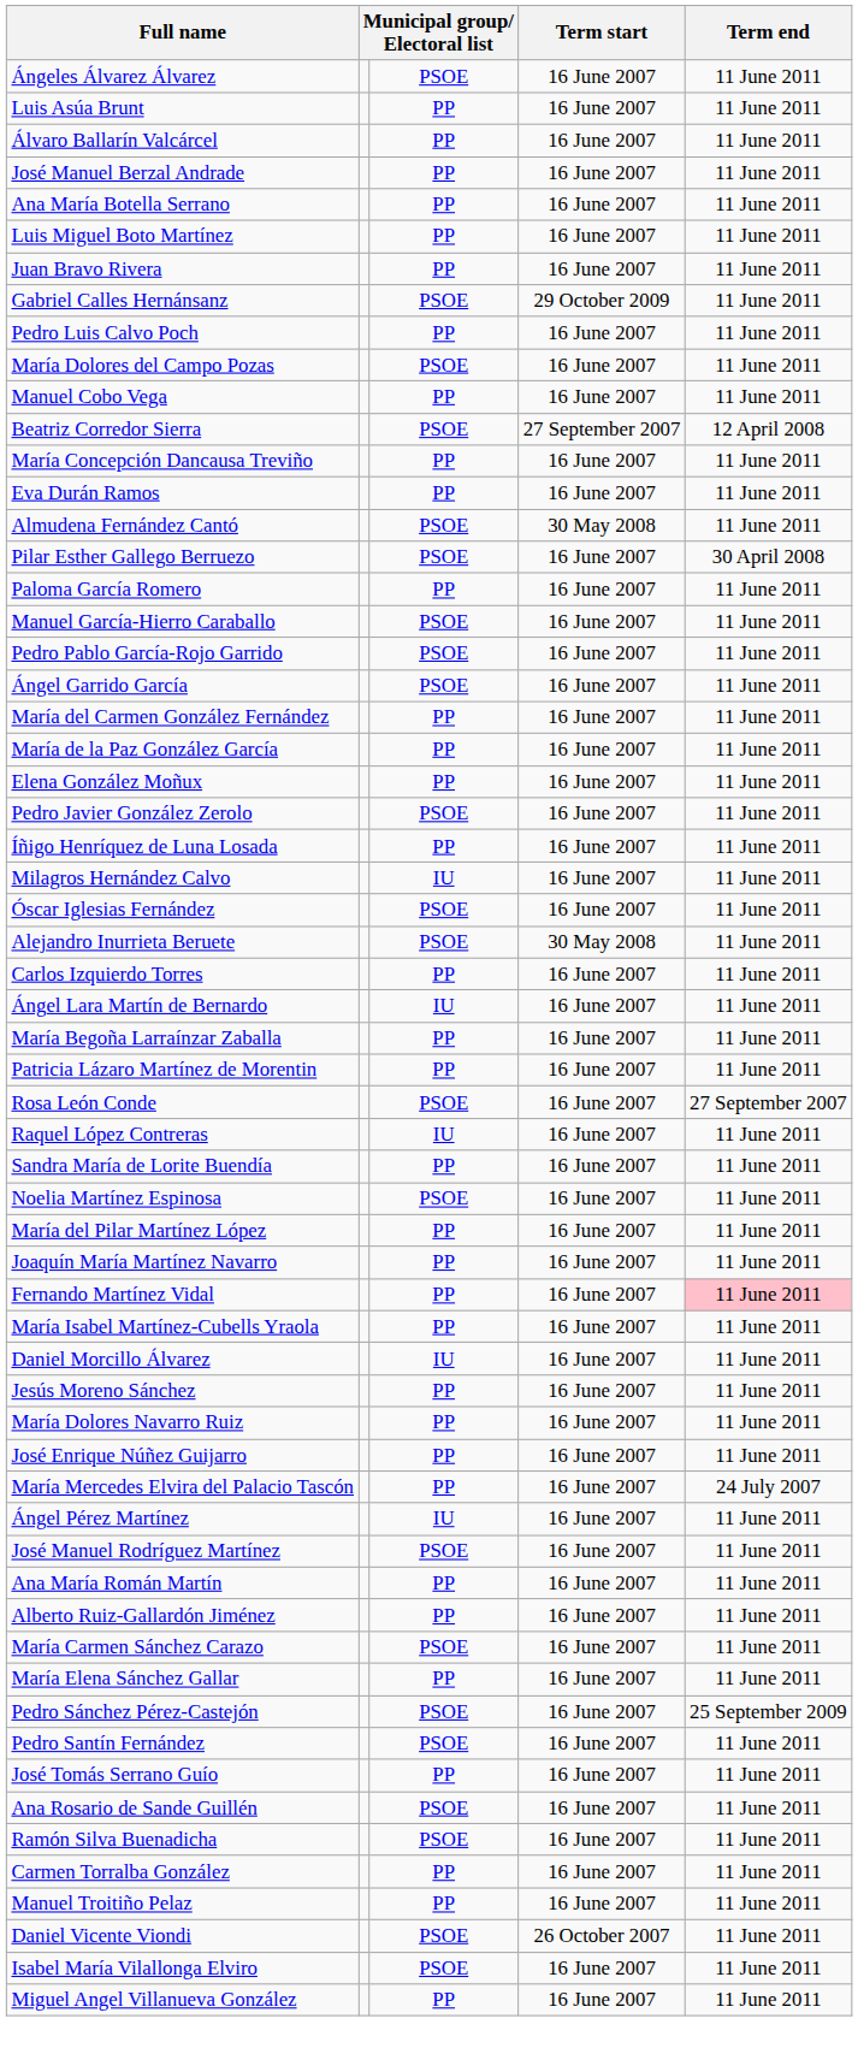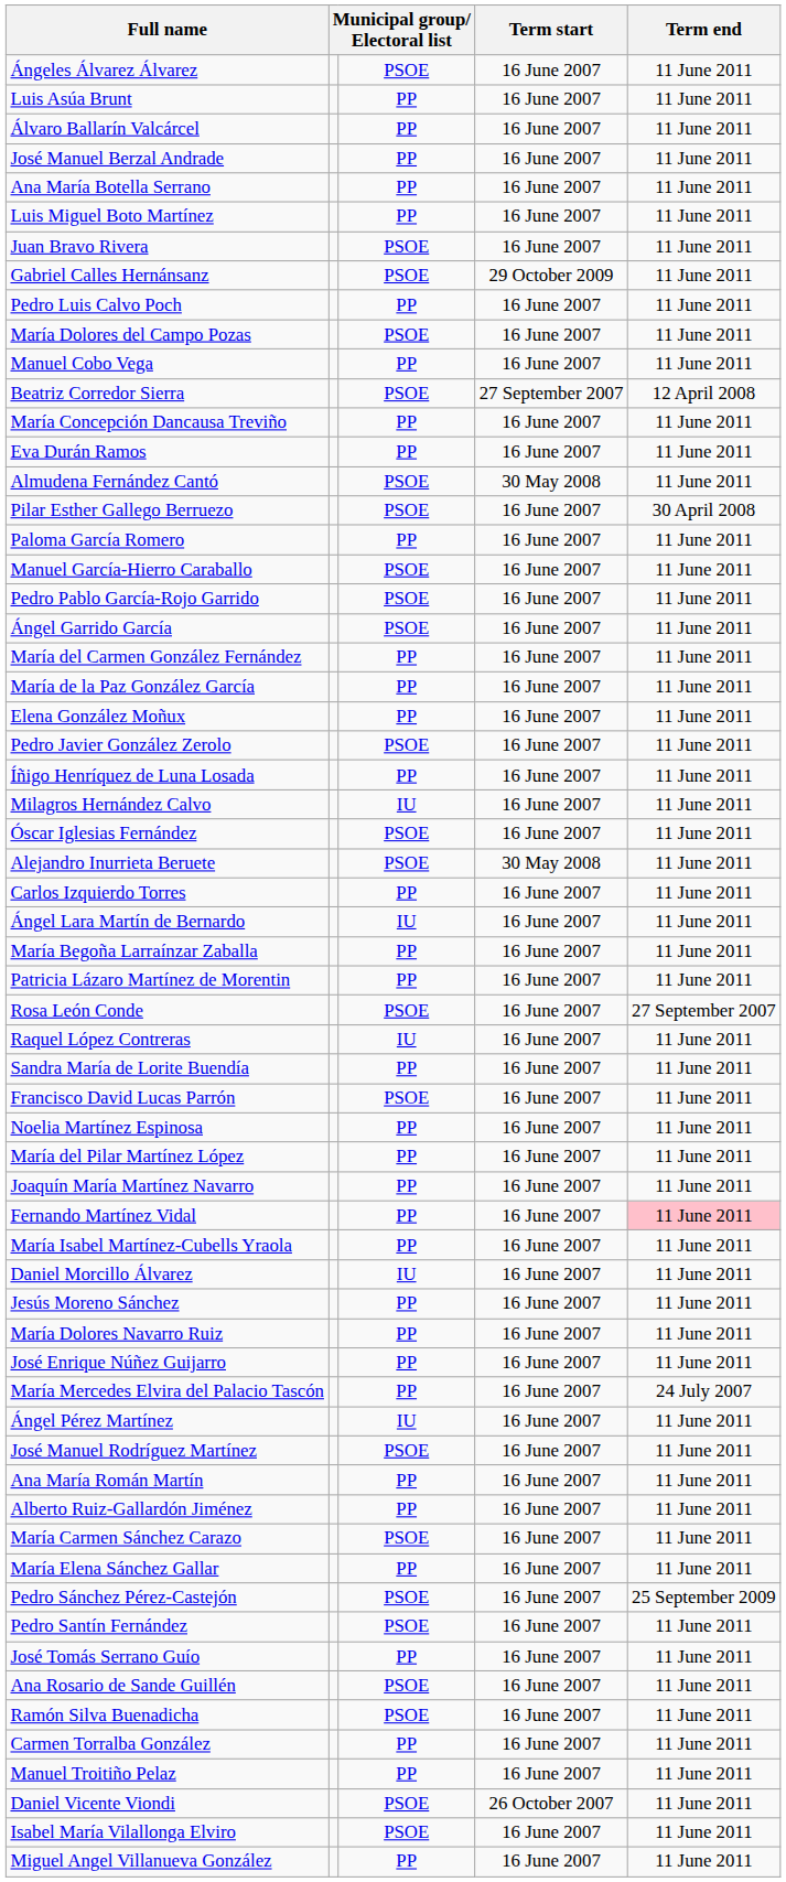 <table class="wikitable sortable" style="margin:1em auto; text-align:left; line-height:18px;">
 <tr>
 <th>Full name</th>
 <th colspan=2>Municipal group/<br>Electoral list</th>
 <th>Term start</th>
 <th>Term end</th>
 </tr>
 <tr>
 <td><a href='#'>Ángeles Álvarez Álvarez</a></td>
 <td width="1"></td>
 <td align="center"><a href='#'>PSOE</a></td>
 <td align="center">16 June 2007</td>
 <td align="center">11 June 2011</td>
 </tr>
 <tr>
 <td><a href='#'>Luis Asúa Brunt</a></td>
 <td></td>
 <td align="center"><a href='#'>PP</a></td>
 <td align="center">16 June 2007</td>
 <td align="center">11 June 2011</td>
 </tr>
 <tr>
 <td><a href='#'>Álvaro Ballarín Valcárcel</a></td>
 <td></td>
 <td align="center"><a href='#'>PP</a></td>
 <td align="center">16 June 2007</td>
 <td align="center">11 June 2011</td>
 </tr>
 <tr>
 <td><a href='#'>José Manuel Berzal Andrade</a></td>
 <td></td>
 <td align="center"><a href='#'>PP</a></td>
 <td align="center">16 June 2007</td>
 <td align="center">11 June 2011</td>
 </tr>
 <tr>
 <td><a href='#'>Ana María Botella Serrano</a></td>
 <td></td>
 <td align="center"><a href='#'>PP</a></td>
 <td align="center">16 June 2007</td>
 <td align="center">11 June 2011</td>
 </tr>
 <tr>
 <td><a href='#'>Luis Miguel Boto Martínez</a></td>
 <td></td>
 <td align="center"><a href='#'>PP</a></td>
 <td align="center">16 June 2007</td>
 <td align="center">11 June 2011</td>
 </tr>
 <tr>
 <td><a href='#'>Juan Bravo Rivera</a></td>
 <td></td>
-<td align="center"><a href='#'>PP</a></td>
+<td align="center"><a href='#'>PSOE</a></td>
 <td align="center">16 June 2007</td>
 <td align="center">11 June 2011</td>
 </tr>
 <tr>
 <td><a href='#'>Gabriel Calles Hernánsanz</a></td>
 <td></td>
 <td align="center"><a href='#'>PSOE</a></td>
 <td align="center">29 October 2009</td>
 <td align="center">11 June 2011</td>
 </tr>
 <tr>
 <td><a href='#'>Pedro Luis Calvo Poch</a></td>
 <td></td>
 <td align="center"><a href='#'>PP</a></td>
 <td align="center">16 June 2007</td>
 <td align="center">11 June 2011</td>
 </tr>
 <tr>
 <td><a href='#'>María Dolores del Campo Pozas</a></td>
 <td></td>
 <td align="center"><a href='#'>PSOE</a></td>
 <td align="center">16 June 2007</td>
 <td align="center">11 June 2011</td>
 </tr>
 <tr>
 <td><a href='#'>Manuel Cobo Vega</a></td>
 <td></td>
 <td align="center"><a href='#'>PP</a></td>
 <td align="center">16 June 2007</td>
 <td align="center">11 June 2011</td>
 </tr>
 <tr>
 <td><a href='#'>Beatriz Corredor Sierra</a></td>
 <td></td>
 <td align="center"><a href='#'>PSOE</a></td>
 <td align="center">27 September 2007</td>
 <td align="center">12 April 2008</td>
 </tr>
 <tr>
 <td><a href='#'>María Concepción Dancausa Treviño</a></td>
 <td></td>
 <td align="center"><a href='#'>PP</a></td>
 <td align="center">16 June 2007</td>
 <td align="center">11 June 2011</td>
 </tr>
 <tr>
 <td><a href='#'>Eva Durán Ramos</a></td>
 <td></td>
 <td align="center"><a href='#'>PP</a></td>
 <td align="center">16 June 2007</td>
 <td align="center">11 June 2011</td>
 </tr>
 <tr>
 <td><a href='#'>Almudena Fernández Cantó</a></td>
 <td></td>
 <td align="center"><a href='#'>PSOE</a></td>
 <td align="center">30 May 2008</td>
 <td align="center">11 June 2011</td>
 </tr>
 <tr>
 <td><a href='#'>Pilar Esther Gallego Berruezo</a></td>
 <td></td>
 <td align="center"><a href='#'>PSOE</a></td>
 <td align="center">16 June 2007</td>
 <td align="center">30 April 2008</td>
 </tr>
 <tr>
 <td><a href='#'>Paloma García Romero</a></td>
 <td></td>
 <td align="center"><a href='#'>PP</a></td>
 <td align="center">16 June 2007</td>
 <td align="center">11 June 2011</td>
 </tr>
 <tr>
 <td><a href='#'>Manuel García-Hierro Caraballo</a></td>
 <td></td>
 <td align="center"><a href='#'>PSOE</a></td>
 <td align="center">16 June 2007</td>
 <td align="center">11 June 2011</td>
 </tr>
 <tr>
 <td><a href='#'>Pedro Pablo García-Rojo Garrido</a></td>
 <td></td>
 <td align="center"><a href='#'>PSOE</a></td>
 <td align="center">16 June 2007</td>
 <td align="center">11 June 2011</td>
 </tr>
 <tr>
 <td><a href='#'>Ángel Garrido García</a></td>
 <td></td>
 <td align="center"><a href='#'>PSOE</a></td>
 <td align="center">16 June 2007</td>
 <td align="center">11 June 2011</td>
 </tr>
 <tr>
 <td><a href='#'>María del Carmen González Fernández</a></td>
 <td></td>
 <td align="center"><a href='#'>PP</a></td>
 <td align="center">16 June 2007</td>
 <td align="center">11 June 2011</td>
 </tr>
 <tr>
 <td><a href='#'>María de la Paz González García</a></td>
 <td></td>
 <td align="center"><a href='#'>PP</a></td>
 <td align="center">16 June 2007</td>
 <td align="center">11 June 2011</td>
 </tr>
 <tr>
 <td><a href='#'>Elena González Moñux</a></td>
 <td></td>
 <td align="center"><a href='#'>PP</a></td>
 <td align="center">16 June 2007</td>
 <td align="center">11 June 2011</td>
 </tr>
 <tr>
 <td><a href='#'>Pedro Javier González Zerolo</a></td>
 <td></td>
 <td align="center"><a href='#'>PSOE</a></td>
 <td align="center">16 June 2007</td>
 <td align="center">11 June 2011</td>
 </tr>
 <tr>
 <td><a href='#'>Íñigo Henríquez de Luna Losada</a></td>
 <td></td>
 <td align="center"><a href='#'>PP</a></td>
 <td align="center">16 June 2007</td>
 <td align="center">11 June 2011</td>
 </tr>
 <tr>
 <td><a href='#'>Milagros Hernández Calvo</a></td>
 <td></td>
 <td align="center"><a href='#'>IU</a></td>
 <td align="center">16 June 2007</td>
 <td align="center">11 June 2011</td>
 </tr>
 <tr>
 <td><a href='#'>Óscar Iglesias Fernández</a></td>
 <td></td>
 <td align="center"><a href='#'>PSOE</a></td>
 <td align="center">16 June 2007</td>
 <td align="center">11 June 2011</td>
 </tr>
 <tr>
 <td><a href='#'>Alejandro Inurrieta Beruete</a></td>
 <td></td>
 <td align="center"><a href='#'>PSOE</a></td>
 <td align="center">30 May 2008</td>
 <td align="center">11 June 2011</td>
 </tr>
 <tr>
 <td><a href='#'>Carlos Izquierdo Torres</a></td>
 <td></td>
 <td align="center"><a href='#'>PP</a></td>
 <td align="center">16 June 2007</td>
 <td align="center">11 June 2011</td>
 </tr>
 <tr>
 <td><a href='#'>Ángel Lara Martín de Bernardo</a></td>
 <td></td>
 <td align="center"><a href='#'>IU</a></td>
 <td align="center">16 June 2007</td>
 <td align="center">11 June 2011</td>
 </tr>
 <tr>
 <td><a href='#'>María Begoña Larraínzar Zaballa</a></td>
 <td></td>
 <td align="center"><a href='#'>PP</a></td>
 <td align="center">16 June 2007</td>
 <td align="center">11 June 2011</td>
 </tr>
 <tr>
 <td><a href='#'>Patricia Lázaro Martínez de Morentin</a></td>
 <td></td>
 <td align="center"><a href='#'>PP</a></td>
 <td align="center">16 June 2007</td>
 <td align="center">11 June 2011</td>
 </tr>
 <tr>
 <td><a href='#'>Rosa León Conde</a></td>
 <td></td>
 <td align="center"><a href='#'>PSOE</a></td>
 <td align="center">16 June 2007</td>
 <td align="center">27 September 2007</td>
 </tr>
 <tr>
 <td><a href='#'>Raquel López Contreras</a></td>
 <td></td>
 <td align="center"><a href='#'>IU</a></td>
 <td align="center">16 June 2007</td>
 <td align="center">11 June 2011</td>
 </tr>
 <tr>
 <td><a href='#'>Sandra María de Lorite Buendía</a></td>
 <td></td>
 <td align="center"><a href='#'>PP</a></td>
 <td align="center">16 June 2007</td>
 <td align="center">11 June 2011</td>
 </tr>
 <tr>
+<td><a href='#'>Francisco David Lucas Parrón</a></td>
+<td></td>
+<td align="center"><a href='#'>PSOE</a></td>
+<td align="center">16 June 2007</td>
+<td align="center">11 June 2011</td>
+</tr>
+<tr>
 <td><a href='#'>Noelia Martínez Espinosa</a></td>
 <td></td>
-<td align="center"><a href='#'>PSOE</a></td>
+<td align="center"><a href='#'>PP</a></td>
 <td align="center">16 June 2007</td>
 <td align="center">11 June 2011</td>
 </tr>
 <tr>
 <td><a href='#'>María del Pilar Martínez López</a></td>
 <td></td>
 <td align="center"><a href='#'>PP</a></td>
 <td align="center">16 June 2007</td>
 <td align="center">11 June 2011</td>
 </tr>
 <tr>
 <td><a href='#'>Joaquín María Martínez Navarro</a></td>
 <td></td>
 <td align="center"><a href='#'>PP</a></td>
 <td align="center">16 June 2007</td>
 <td align="center">11 June 2011</td>
 </tr>
 <tr>
 <td><a href='#'>Fernando Martínez Vidal</a></td>
 <td></td>
 <td align="center"><a href='#'>PP</a></td>
 <td align="center">16 June 2007</td>
 <td align="center" style="background: pink;">11 June 2011</td>
 </tr>
 <tr>
 <td><a href='#'>María Isabel Martínez-Cubells Yraola</a></td>
 <td></td>
 <td align="center"><a href='#'>PP</a></td>
 <td align="center">16 June 2007</td>
 <td align="center">11 June 2011</td>
 </tr>
 <tr>
 <td><a href='#'>Daniel Morcillo Álvarez</a></td>
 <td></td>
 <td align="center"><a href='#'>IU</a></td>
 <td align="center">16 June 2007</td>
 <td align="center">11 June 2011</td>
 </tr>
 <tr>
 <td><a href='#'>Jesús Moreno Sánchez</a></td>
 <td></td>
 <td align="center"><a href='#'>PP</a></td>
 <td align="center">16 June 2007</td>
 <td align="center">11 June 2011</td>
 </tr>
 <tr>
 <td><a href='#'>María Dolores Navarro Ruiz</a></td>
 <td></td>
 <td align="center"><a href='#'>PP</a></td>
 <td align="center">16 June 2007</td>
 <td align="center">11 June 2011</td>
 </tr>
 <tr>
 <td><a href='#'>José Enrique Núñez Guijarro</a></td>
 <td></td>
 <td align="center"><a href='#'>PP</a></td>
 <td align="center">16 June 2007</td>
 <td align="center">11 June 2011</td>
 </tr>
 <tr>
 <td><a href='#'>María Mercedes Elvira del Palacio Tascón</a></td>
 <td></td>
 <td align="center"><a href='#'>PP</a></td>
 <td align="center">16 June 2007</td>
 <td align="center">24 July 2007</td>
 </tr>
 <tr>
 <td><a href='#'>Ángel Pérez Martínez</a></td>
 <td></td>
 <td align="center"><a href='#'>IU</a></td>
 <td align="center">16 June 2007</td>
 <td align="center">11 June 2011</td>
 </tr>
 <tr>
 <td><a href='#'>José Manuel Rodríguez Martínez</a></td>
 <td></td>
 <td align="center"><a href='#'>PSOE</a></td>
 <td align="center">16 June 2007</td>
 <td align="center">11 June 2011</td>
 </tr>
 <tr>
 <td><a href='#'>Ana María Román Martín</a></td>
 <td></td>
 <td align="center"><a href='#'>PP</a></td>
 <td align="center">16 June 2007</td>
 <td align="center">11 June 2011</td>
 </tr>
 <tr>
 <td><a href='#'>Alberto Ruiz-Gallardón Jiménez</a></td>
 <td></td>
 <td align="center"><a href='#'>PP</a></td>
 <td align="center">16 June 2007</td>
 <td align="center">11 June 2011</td>
 </tr>
 <tr>
 <td><a href='#'>María Carmen Sánchez Carazo</a></td>
 <td></td>
 <td align="center"><a href='#'>PSOE</a></td>
 <td align="center">16 June 2007</td>
 <td align="center">11 June 2011</td>
 </tr>
 <tr>
 <td><a href='#'>María Elena Sánchez Gallar</a></td>
 <td></td>
 <td align="center"><a href='#'>PP</a></td>
 <td align="center">16 June 2007</td>
 <td align="center">11 June 2011</td>
 </tr>
 <tr>
 <td><a href='#'>Pedro Sánchez Pérez-Castejón</a></td>
 <td></td>
 <td align="center"><a href='#'>PSOE</a></td>
 <td align="center">16 June 2007</td>
 <td align="center">25 September 2009</td>
 </tr>
 <tr>
 <td><a href='#'>Pedro Santín Fernández</a></td>
 <td></td>
 <td align="center"><a href='#'>PSOE</a></td>
 <td align="center">16 June 2007</td>
 <td align="center">11 June 2011</td>
 </tr>
 <tr>
 <td><a href='#'>José Tomás Serrano Guío</a></td>
 <td></td>
 <td align="center"><a href='#'>PP</a></td>
 <td align="center">16 June 2007</td>
 <td align="center">11 June 2011</td>
 </tr>
 <tr>
 <td><a href='#'>Ana Rosario de Sande Guillén</a></td>
 <td></td>
 <td align="center"><a href='#'>PSOE</a></td>
 <td align="center">16 June 2007</td>
 <td align="center">11 June 2011</td>
 </tr>
 <tr>
 <td><a href='#'>Ramón Silva Buenadicha</a></td>
 <td></td>
 <td align="center"><a href='#'>PSOE</a></td>
 <td align="center">16 June 2007</td>
 <td align="center">11 June 2011</td>
 </tr>
 <tr>
 <td><a href='#'>Carmen Torralba González</a></td>
 <td></td>
 <td align="center"><a href='#'>PP</a></td>
 <td align="center">16 June 2007</td>
 <td align="center">11 June 2011</td>
 </tr>
 <tr>
 <td><a href='#'>Manuel Troitiño Pelaz</a></td>
 <td></td>
 <td align="center"><a href='#'>PP</a></td>
 <td align="center">16 June 2007</td>
 <td align="center">11 June 2011</td>
 </tr>
 <tr>
 <td><a href='#'>Daniel Vicente Viondi</a></td>
 <td></td>
 <td align="center"><a href='#'>PSOE</a></td>
 <td align="center">26 October 2007</td>
 <td align="center">11 June 2011</td>
 </tr>
 <tr>
 <td><a href='#'>Isabel María Vilallonga Elviro</a></td>
 <td></td>
 <td align="center"><a href='#'>PSOE</a></td>
 <td align="center">16 June 2007</td>
 <td align="center">11 June 2011</td>
 </tr>
 <tr>
 <td><a href='#'>Miguel Angel Villanueva González</a></td>
 <td></td>
 <td align="center"><a href='#'>PP</a></td>
 <td align="center">16 June 2007</td>
 <td align="center">11 June 2011</td>
 </tr>
 </table>
